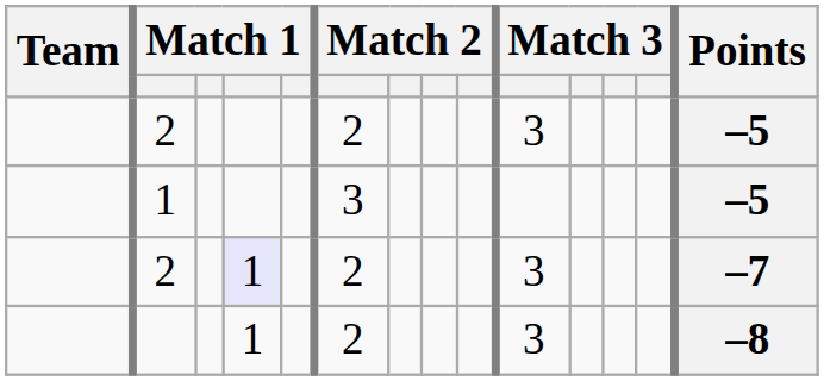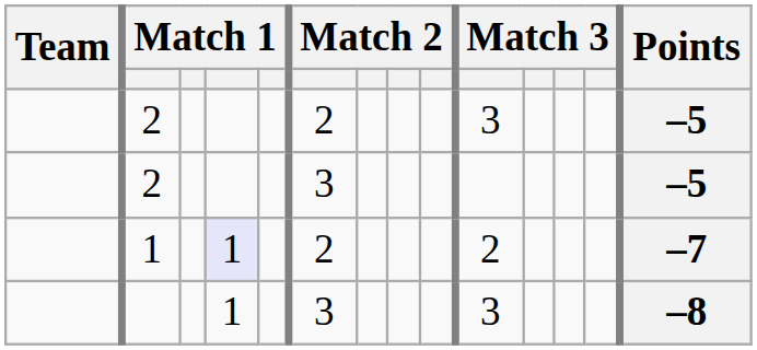 <table class="wikitable sortable" style="text-align:center;">
 <tr>
 <th rowspan=2>Team</th>
 <th colspan=4 style="border-left:3px solid gray">Match 1</th>
 <th colspan=4 style="border-left:3px solid gray">Match 2</th>
 <th colspan=4 style="border-left:3px solid gray">Match 3</th>
 <th rowspan=2 style="border-left:3px solid gray">Points</th>
 </tr>
 <tr>
 <th style="border-left:3px solid gray"></th>
 <th></th>
 <th></th>
 <th></th>
 <th style="border-left:3px solid gray"></th>
 <th></th>
 <th></th>
 <th></th>
 <th style="border-left:3px solid gray"></th>
 <th></th>
 <th></th>
 <th></th>
 </tr>
 <tr>
 <td align=left></td>
 <td style="border-left:3px solid gray">2</td>
 <td></td>
 <td></td>
 <td></td>
 <td style="border-left:3px solid gray">2</td>
 <td></td>
 <td></td>
 <td></td>
 <td style="border-left:3px solid gray">3</td>
 <td></td>
 <td></td>
 <td></td>
 <th style="border-left:3px solid gray">–5</th>
 </tr>
 <tr>
 <td align=left></td>
-<td style="border-left:3px solid gray">1</td>
+<td style="border-left:3px solid gray">2</td>
 <td></td>
 <td></td>
 <td></td>
 <td style="border-left:3px solid gray">3</td>
 <td></td>
 <td></td>
 <td></td>
 <td style="border-left:3px solid gray"></td>
 <td></td>
 <td></td>
 <td></td>
 <th style="border-left:3px solid gray">–5</th>
 </tr>
 <tr>
 <td align=left></td>
-<td style="border-left:3px solid gray">2</td>
+<td style="border-left:3px solid gray">1</td>
 <td></td>
 <td style="background: lavender;">1</td>
 <td></td>
 <td style="border-left:3px solid gray">2</td>
 <td></td>
 <td></td>
 <td></td>
-<td style="border-left:3px solid gray">3</td>
+<td style="border-left:3px solid gray">2</td>
 <td></td>
 <td></td>
 <td></td>
 <th style="border-left:3px solid gray">–7</th>
 </tr>
 <tr>
 <td align=left></td>
 <td style="border-left:3px solid gray"></td>
 <td></td>
 <td>1</td>
 <td></td>
-<td style="border-left:3px solid gray">2</td>
+<td style="border-left:3px solid gray">3</td>
 <td></td>
 <td></td>
 <td></td>
 <td style="border-left:3px solid gray">3</td>
 <td></td>
 <td></td>
 <td></td>
 <th style="border-left:3px solid gray">–8</th>
 </tr>
 </table>
